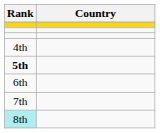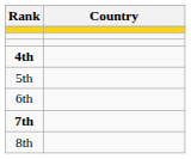 <table class="wikitable gauche" style="text-align:center;'">
 <tr>
 <th scope=col>Rank</th>
 <th scope=col style="width:160px;">Country</th>
 </tr>
 <tr>
 </tr>
 <tr style="background:gold;">
 <td></td>
 <td align=left><strong></strong></td>
 </tr>
 <tr>
 <td></td>
 <td align=left><strong></strong></td>
 </tr>
 <tr>
 <td></td>
 <td align=left><strong></strong></td>
 </tr>
 <tr>
-<td>4th</td>
+<td><strong>4th</strong></td>
 <td align=left></td>
 </tr>
 <tr>
-<td><strong>5th</strong></td>
+<td>5th</td>
 <td align=left></td>
 </tr>
 <tr>
 <td>6th</td>
 <td align=left></td>
 </tr>
 <tr>
-<td>7th</td>
+<td><strong>7th</strong></td>
 <td align=left></td>
 </tr>
 <tr>
-<td style="background: paleturquoise;">8th</td>
+<td>8th</td>
 <td align=left></td>
 </tr>
 </table>
